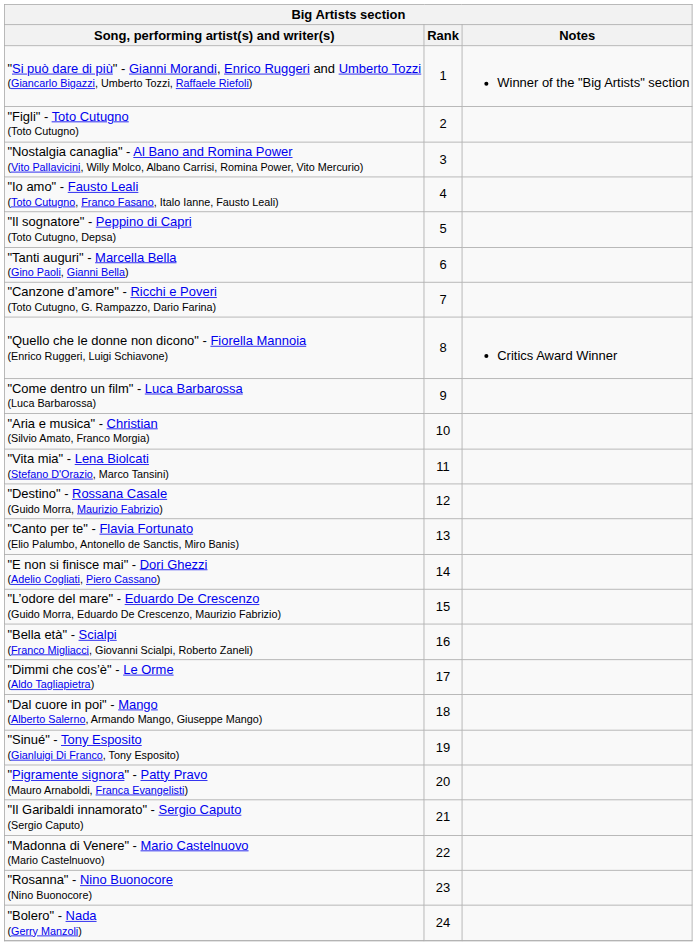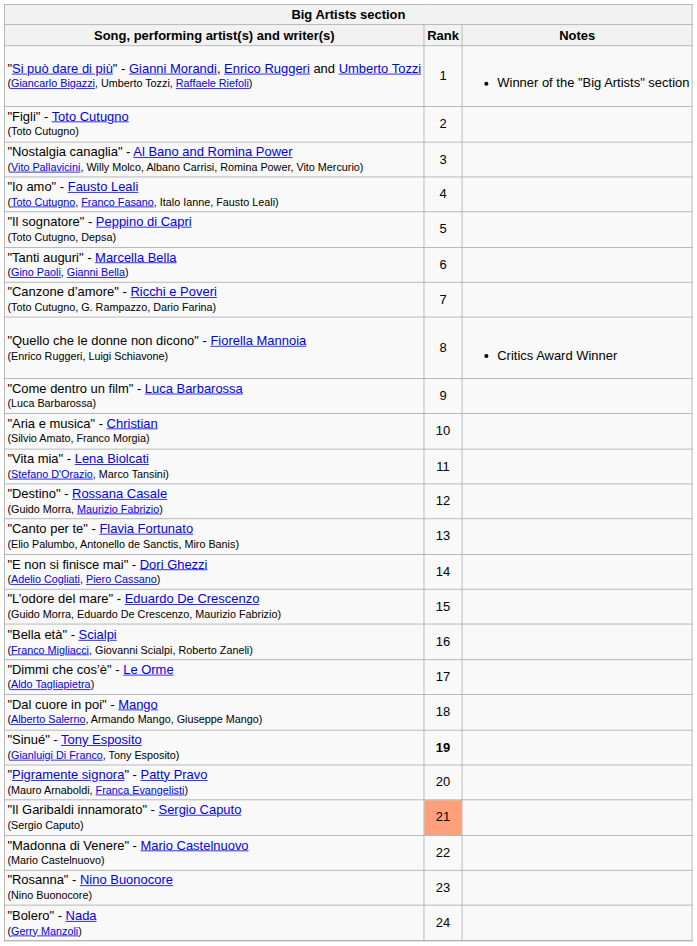 <table class="plainrowheaders wikitable">
 <tr>
 <th colspan="3">Big Artists section </th>
 </tr>
 <tr>
 <th>Song, performing artist(s) and writer(s)</th>
 <th>Rank</th>
 <th>Notes</th>
 </tr>
 <tr>
 <td>"<a href='#'>Si può dare di più</a>" -  <a href='#'>Gianni Morandi</a>, <a href='#'>Enrico Ruggeri</a> and <a href='#'>Umberto Tozzi</a> <br><small>(<a href='#'>Giancarlo Bigazzi</a>, Umberto Tozzi, <a href='#'>Raffaele Riefoli</a>)</small></td>
 <td align="center">1</td>
 <td><br><ul><li>Winner of the "Big Artists" section</li></ul></td>
 </tr>
 <tr>
 <td>"Figli" - <a href='#'>Toto Cutugno</a><br><small>(Toto Cutugno)</small></td>
 <td align="center">2</td>
 <td></td>
 </tr>
 <tr>
 <td>"Nostalgia canaglia" -  <a href='#'>Al Bano and Romina Power</a><br><small>(<a href='#'>Vito Pallavicini</a>, Willy Molco, Albano Carrisi, Romina Power, Vito Mercurio)</small></td>
 <td align="center">3</td>
 <td></td>
 </tr>
 <tr>
 <td>"Io amo" -  <a href='#'>Fausto Leali</a><br> <small>(<a href='#'>Toto Cutugno</a>, <a href='#'>Franco Fasano</a>, Italo Ianne, Fausto Leali)</small></td>
 <td align="center">4</td>
 <td></td>
 </tr>
 <tr>
 <td>"Il sognatore" - <a href='#'>Peppino di Capri</a><br> <small>(Toto Cutugno, Depsa)</small></td>
 <td align="center">5</td>
 <td></td>
 </tr>
 <tr>
 <td>"Tanti auguri" - <a href='#'>Marcella Bella</a>  <br><small>(<a href='#'>Gino Paoli</a>, <a href='#'>Gianni Bella</a>)</small></td>
 <td align="center">6</td>
 <td></td>
 </tr>
 <tr>
 <td>"Canzone d’amore" -  <a href='#'>Ricchi e Poveri</a><br> <small>(Toto Cutugno, G. Rampazzo, Dario Farina)</small></td>
 <td align="center">7</td>
 <td></td>
 </tr>
 <tr>
 <td>"Quello che le donne non dicono" - <a href='#'>Fiorella Mannoia </a><br><small>(Enrico Ruggeri, Luigi Schiavone)</small></td>
 <td align="center">8</td>
 <td><br><ul><li>Critics Award Winner</li></ul></td>
 </tr>
 <tr>
 <td>"Come dentro un film" - <a href='#'>Luca Barbarossa </a><br><small>(Luca Barbarossa)</small></td>
 <td align="center">9</td>
 <td></td>
 </tr>
 <tr>
 <td>"Aria e musica" - <a href='#'>Christian</a><br><small>(Silvio Amato, Franco Morgia)</small></td>
 <td align="center">10</td>
 <td></td>
 </tr>
 <tr>
 <td>"Vita mia" - <a href='#'>Lena Biolcati</a> <br><small>(<a href='#'>Stefano D'Orazio</a>, Marco Tansini)</small></td>
 <td align="center">11</td>
 <td></td>
 </tr>
 <tr>
 <td>"Destino" -  <a href='#'>Rossana Casale</a><br> <small>(Guido Morra, <a href='#'>Maurizio Fabrizio</a>)</small></td>
 <td align="center">12</td>
 <td></td>
 </tr>
 <tr>
 <td>"Canto per te" - <a href='#'>Flavia Fortunato </a><br> <small>(Elio Palumbo, Antonello de Sanctis, Miro Banis)</small></td>
 <td align="center">13</td>
 <td></td>
 </tr>
 <tr>
 <td>"E non si finisce mai" - <a href='#'>Dori Ghezzi</a><br><small>(<a href='#'>Adelio Cogliati</a>, <a href='#'>Piero Cassano</a>)</small></td>
 <td align="center">14</td>
 <td></td>
 </tr>
 <tr>
 <td>"L’odore del mare" - <a href='#'>Eduardo De Crescenzo</a> <br><small>(Guido Morra, Eduardo De Crescenzo, Maurizio Fabrizio)</small></td>
 <td align="center">15</td>
 <td></td>
 </tr>
 <tr>
 <td>"Bella età" -  <a href='#'>Scialpi</a><br><small>(<a href='#'>Franco Migliacci</a>, Giovanni Scialpi, Roberto Zaneli)</small></td>
 <td align="center">16</td>
 <td></td>
 </tr>
 <tr>
 <td>"Dimmi che cos’è" - <a href='#'>Le Orme</a><br> <small>(<a href='#'>Aldo Tagliapietra</a>)</small></td>
 <td align="center">17</td>
 <td></td>
 </tr>
 <tr>
 <td>"Dal cuore in poi" -  <a href='#'>Mango</a> <br><small>(<a href='#'>Alberto Salerno</a>, Armando Mango, Giuseppe Mango)</small></td>
 <td align="center">18</td>
 <td></td>
 </tr>
 <tr>
 <td>"Sinué" - <a href='#'>Tony Esposito</a>  <br><small>(<a href='#'>Gianluigi Di Franco</a>, Tony Esposito)</small></td>
-<td align="center">19</td>
+<td align="center"><strong>19</strong></td>
 <td></td>
 </tr>
 <tr>
 <td>"<a href='#'>Pigramente signora</a>" - <a href='#'>Patty Pravo</a><br><small>(Mauro Arnaboldi, <a href='#'>Franca Evangelisti</a>)</small></td>
 <td align="center">20</td>
 <td></td>
 </tr>
 <tr>
 <td>"Il Garibaldi innamorato" -  <a href='#'>Sergio Caputo</a> <br><small>(Sergio Caputo)</small></td>
-<td align="center">21</td>
+<td align="center" style="background: lightsalmon;">21</td>
 <td></td>
 </tr>
 <tr>
 <td>"Madonna di Venere" - <a href='#'>Mario Castelnuovo</a> <br><small>(Mario Castelnuovo)</small></td>
 <td align="center">22</td>
 <td></td>
 </tr>
 <tr>
 <td>"Rosanna" - <a href='#'>Nino Buonocore</a><br><small>(Nino Buonocore)</small></td>
 <td align="center">23</td>
 <td></td>
 </tr>
 <tr>
 <td>"Bolero" - <a href='#'>Nada</a> <br><small>(<a href='#'>Gerry Manzoli</a>)</small></td>
 <td align="center">24</td>
 <td></td>
 </tr>
 <tr>
 </tr>
 </table>
